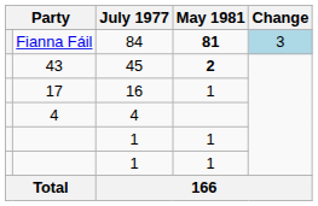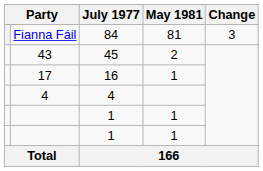 <table class="wikitable sortable" style="font-size: 95%;">
 <tr>
 <th colspan=2>Party</th>
 <th>July 1977</th>
 <th>May 1981</th>
 <th class="unsortable">Change</th>
 </tr>
 <tr>
 <th style="background-color: "></th>
 <td><a href='#'>Fianna Fáil</a></td>
 <td align="center">84</td>
-<td align="center"><strong>81</strong></td>
-<td align="center" style="background: lightblue;"> 3</td>
+<td align="center">81</td>
+<td align="center"> 3</td>
 </tr>
 <tr>
 <td></td>
 <td align="center">43</td>
 <td align="center">45</td>
-<td align="center"><strong> 2</strong></td>
+<td align="center"> 2</td>
 </tr>
 <tr>
 <td></td>
 <td align="center">17</td>
 <td align="center">16</td>
 <td align="center"> 1</td>
 </tr>
 <tr>
 <td></td>
 <td align="center">4</td>
 <td align="center">4</td>
 <td align="center"></td>
 </tr>
 <tr>
 <td></td>
 <td></td>
 <td align="center">1</td>
 <td align="center"> 1</td>
 </tr>
 <tr>
 <td></td>
 <td></td>
 <td align="center">1</td>
 <td align="center"> 1</td>
 </tr>
 <tr>
 <th colspan="2">Total</th>
 <th colspan="3" align="center">166</th>
 </tr>
 </table>
